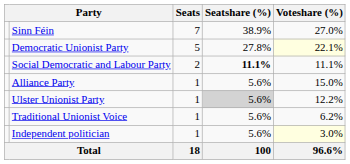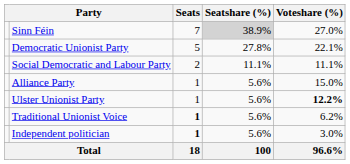 <table class="wikitable sortable">
 <tr>
 <th colspan="2" style="vertical-align:top;">Party</th>
 <th>Seats</th>
 <th>Seatshare (%)</th>
 <th>Voteshare (%)</th>
 </tr>
 <tr>
 <td></td>
 <td><a href='#'>Sinn Féin</a></td>
 <td style="text-align:right">7</td>
-<td style="text-align:right">38.9%</td>
+<td style="background: lightgrey; text-align:right">38.9%</td>
 <td style="text-align:right">27.0%</td>
 </tr>
 <tr>
 <td></td>
 <td><a href='#'>Democratic Unionist Party</a></td>
 <td style="text-align:right">5</td>
 <td style="text-align:right">27.8%</td>
-<td style="background: lightyellow; text-align:right">22.1%</td>
+<td style="text-align:right">22.1%</td>
 </tr>
 <tr>
 <td></td>
 <td><a href='#'>Social Democratic and Labour Party</a></td>
 <td style="text-align:right">2</td>
-<td style="text-align:right"><strong>11.1%</strong></td>
+<td style="text-align:right">11.1%</td>
 <td style="text-align:right">11.1%</td>
 </tr>
 <tr>
 <td></td>
 <td><a href='#'>Alliance Party</a></td>
 <td style="text-align:right">1</td>
 <td style="text-align:right">5.6%</td>
 <td style="text-align:right">15.0%</td>
 </tr>
 <tr>
 <td></td>
 <td><a href='#'>Ulster Unionist Party</a></td>
 <td style="text-align:right">1</td>
-<td style="background: lightgrey; text-align:right">5.6%</td>
-<td style="text-align:right">12.2%</td>
+<td style="text-align:right">5.6%</td>
+<td style="text-align:right"><strong>12.2%</strong></td>
 </tr>
 <tr>
 <td></td>
 <td><a href='#'>Traditional Unionist Voice</a></td>
-<td style="text-align:right">1</td>
+<td style="text-align:right"><strong>1</strong></td>
 <td style="text-align:right">5.6%</td>
 <td style="text-align:right">6.2%</td>
 </tr>
 <tr>
 <td></td>
 <td><a href='#'>Independent politician</a></td>
-<td style="text-align:right">1</td>
+<td style="text-align:right"><strong>1</strong></td>
 <td style="text-align:right">5.6%</td>
-<td style="background: lightyellow; text-align:right">3.0%</td>
+<td style="text-align:right">3.0%</td>
 </tr>
 <tr class=sortbottom>
 <th colspan="2">Total</th>
 <th style="text-align:right">18</th>
 <th style="text-align:right">100</th>
 <th style="text-align:right">96.6%</th>
 </tr>
 </table>
